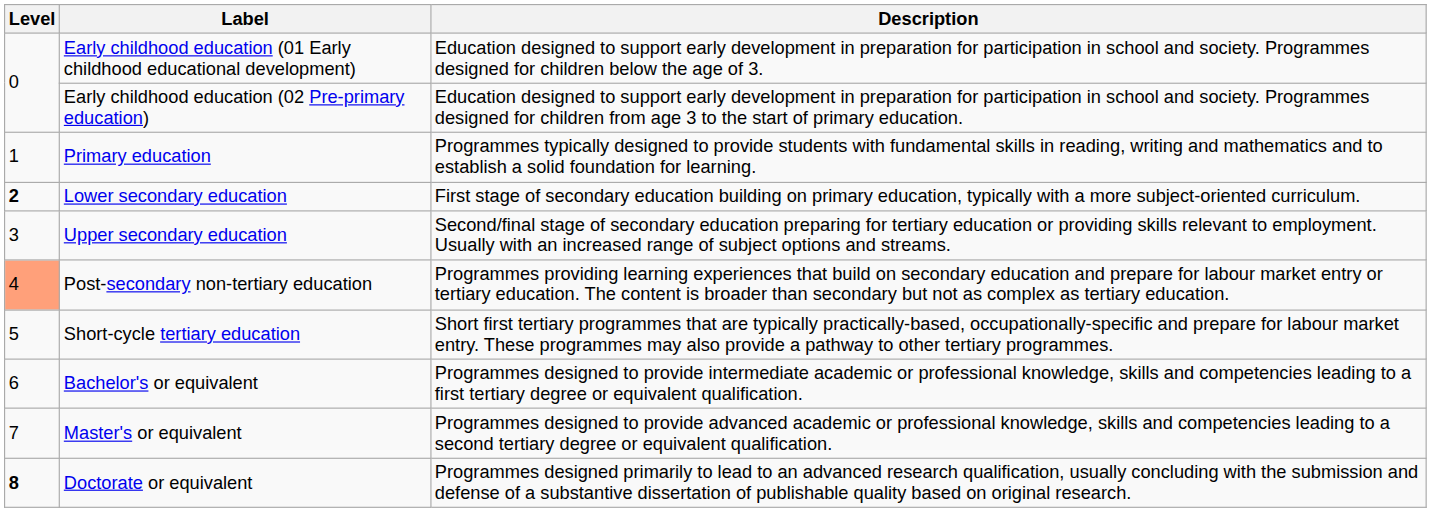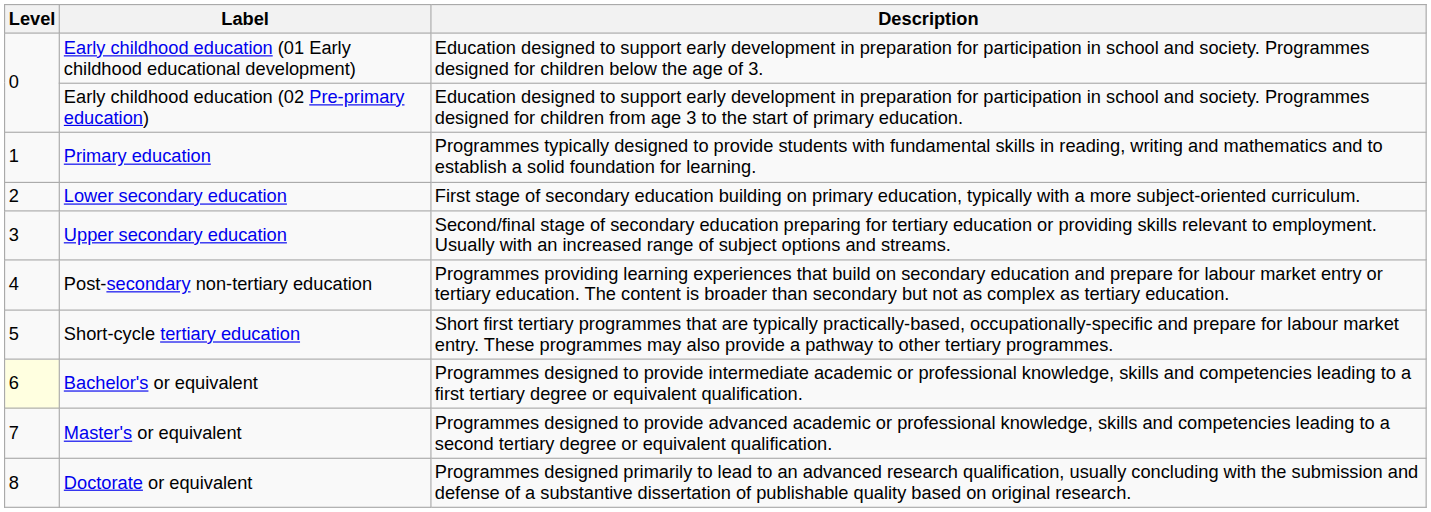 <table class="wikitable">
 <tr>
 <th>Level</th>
 <th>Label</th>
 <th>Description</th>
 </tr>
 <tr>
 <td rowspan="2">0 </td>
 <td><a href='#'>Early childhood education</a> (01 Early childhood educational development)</td>
 <td>Education designed to support early development in preparation for participation in school and society. Programmes designed for children below the age of 3.</td>
 </tr>
 <tr>
 <td>Early childhood education (02 <a href='#'>Pre-primary education</a>)</td>
 <td>Education designed to support early development in preparation for participation in school and society. Programmes designed for children from age 3 to the start of primary education.</td>
 </tr>
 <tr>
 <td>1 </td>
 <td><a href='#'>Primary education</a></td>
 <td>Programmes typically designed to provide students with fundamental skills in reading, writing and mathematics and to establish a solid foundation for learning.</td>
 </tr>
 <tr>
-<td><strong>2 </strong></td>
+<td>2 </td>
 <td><a href='#'>Lower secondary education</a></td>
 <td>First stage of secondary education building on primary education, typically with a more subject-oriented curriculum.</td>
 </tr>
 <tr>
 <td>3 </td>
 <td><a href='#'>Upper secondary education</a></td>
 <td>Second/final stage of secondary education preparing for tertiary education or providing skills relevant to employment. Usually with an increased range of subject options and streams.</td>
 </tr>
 <tr>
-<td style="background: lightsalmon;">4 </td>
+<td>4 </td>
 <td>Post-<a href='#'>secondary</a> non-tertiary education</td>
 <td>Programmes providing learning experiences that build on secondary education and prepare for labour market entry or tertiary education. The content is broader than secondary but not as complex as tertiary education.</td>
 </tr>
 <tr>
 <td>5 </td>
 <td>Short-cycle <a href='#'>tertiary education</a></td>
 <td>Short first tertiary programmes that are typically practically-based, occupationally-specific and prepare for labour market entry. These programmes may also provide a pathway to other tertiary programmes.</td>
 </tr>
 <tr>
-<td>6 </td>
+<td style="background: lightyellow;">6 </td>
 <td><a href='#'>Bachelor's</a> or equivalent</td>
 <td>Programmes designed to provide intermediate academic or professional knowledge, skills and competencies leading to a first tertiary degree or equivalent qualification.</td>
 </tr>
 <tr>
 <td>7 </td>
 <td><a href='#'>Master's</a> or equivalent</td>
 <td>Programmes designed to provide advanced academic or professional knowledge, skills and competencies leading to a second tertiary degree or equivalent qualification.</td>
 </tr>
 <tr>
-<td><strong>8 </strong></td>
+<td>8 </td>
 <td><a href='#'>Doctorate</a> or equivalent</td>
 <td>Programmes designed primarily to lead to an advanced research qualification, usually concluding with the submission and defense of a substantive dissertation of publishable quality based on original research.</td>
 </tr>
 </table>
